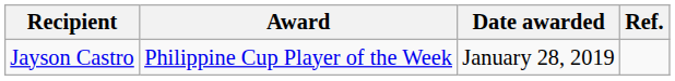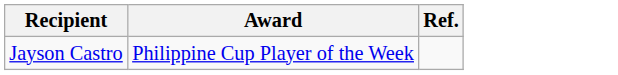 <table class="wikitable sortable sortable" style="text-align: center">
 <tr>
 <th>Recipient</th>
 <th>Award</th>
-<th>Date awarded</th>
 <th>Ref.</th>
 </tr>
 <tr>
 <td><a href='#'>Jayson Castro</a></td>
 <td><a href='#'>Philippine Cup Player of the Week</a></td>
-<td>January 28, 2019</td>
 <td></td>
 </tr>
 </table>
